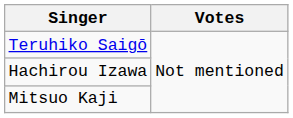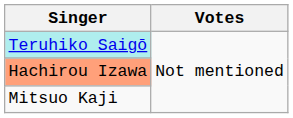 <table class="wikitable">
 <tr>
 <th>Singer</th>
 <th>Votes</th>
 </tr>
 <tr>
-<td><a href='#'>Teruhiko Saigō</a></td>
+<td style="background: paleturquoise;"><a href='#'>Teruhiko Saigō</a></td>
 <td rowspan=3>Not mentioned</td>
 </tr>
 <tr>
-<td>Hachirou Izawa</td>
+<td style="background: lightsalmon;">Hachirou Izawa</td>
 </tr>
 <tr>
 <td>Mitsuo Kaji</td>
 </tr>
 </table>
